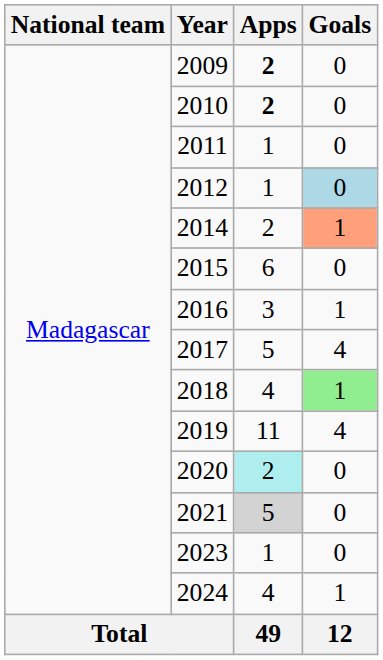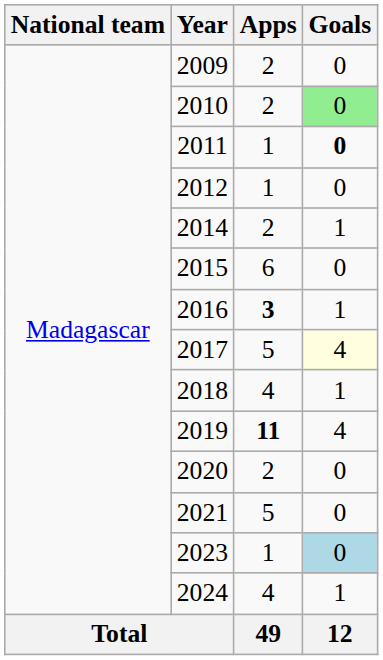 <table class="wikitable" style="text-align:center">
 <tr>
 <th>National team</th>
 <th>Year</th>
 <th>Apps</th>
 <th>Goals</th>
 </tr>
 <tr>
 <td rowspan="14"><a href='#'>Madagascar</a></td>
 <td>2009</td>
-<td><strong>2</strong></td>
+<td>2</td>
 <td>0</td>
 </tr>
 <tr>
 <td>2010</td>
-<td><strong>2</strong></td>
-<td>0</td>
+<td>2</td>
+<td style="background: lightgreen;">0</td>
 </tr>
 <tr>
 <td>2011</td>
 <td>1</td>
-<td>0</td>
+<td><strong>0</strong></td>
 </tr>
 <tr>
 <td>2012</td>
 <td>1</td>
-<td style="background: lightblue;">0</td>
+<td>0</td>
 </tr>
 <tr>
 <td>2014</td>
 <td>2</td>
-<td style="background: lightsalmon;">1</td>
+<td>1</td>
 </tr>
 <tr>
 <td>2015</td>
 <td>6</td>
 <td>0</td>
 </tr>
 <tr>
 <td>2016</td>
-<td>3</td>
+<td><strong>3</strong></td>
 <td>1</td>
 </tr>
 <tr>
 <td>2017</td>
 <td>5</td>
-<td>4</td>
+<td style="background: lightyellow;">4</td>
 </tr>
 <tr>
 <td>2018</td>
 <td>4</td>
-<td style="background: lightgreen;">1</td>
+<td>1</td>
 </tr>
 <tr>
 <td>2019</td>
-<td>11</td>
+<td><strong>11</strong></td>
 <td>4</td>
 </tr>
 <tr>
 <td>2020</td>
-<td style="background: paleturquoise;">2</td>
+<td>2</td>
 <td>0</td>
 </tr>
 <tr>
 <td>2021</td>
-<td style="background: lightgrey;">5</td>
+<td>5</td>
 <td>0</td>
 </tr>
 <tr>
 <td>2023</td>
 <td>1</td>
-<td>0</td>
+<td style="background: lightblue;">0</td>
 </tr>
 <tr>
 <td>2024</td>
 <td>4</td>
 <td>1</td>
 </tr>
 <tr>
 <th colspan="2">Total</th>
 <th>49</th>
 <th>12</th>
 </tr>
 </table>
